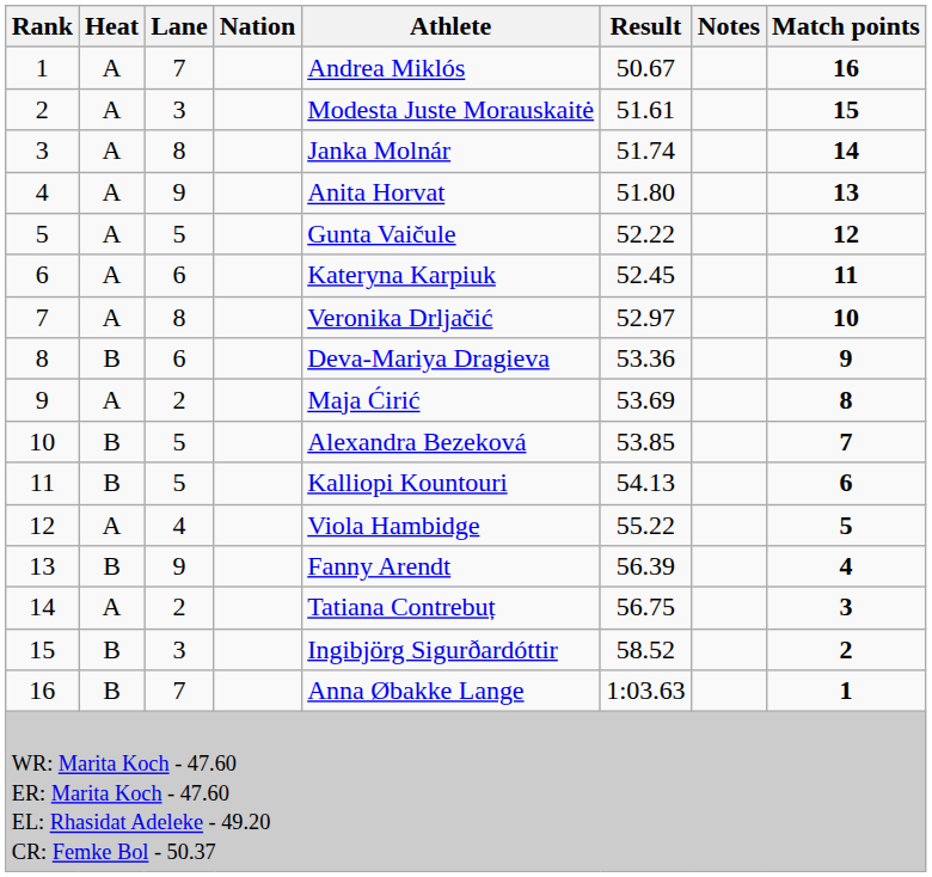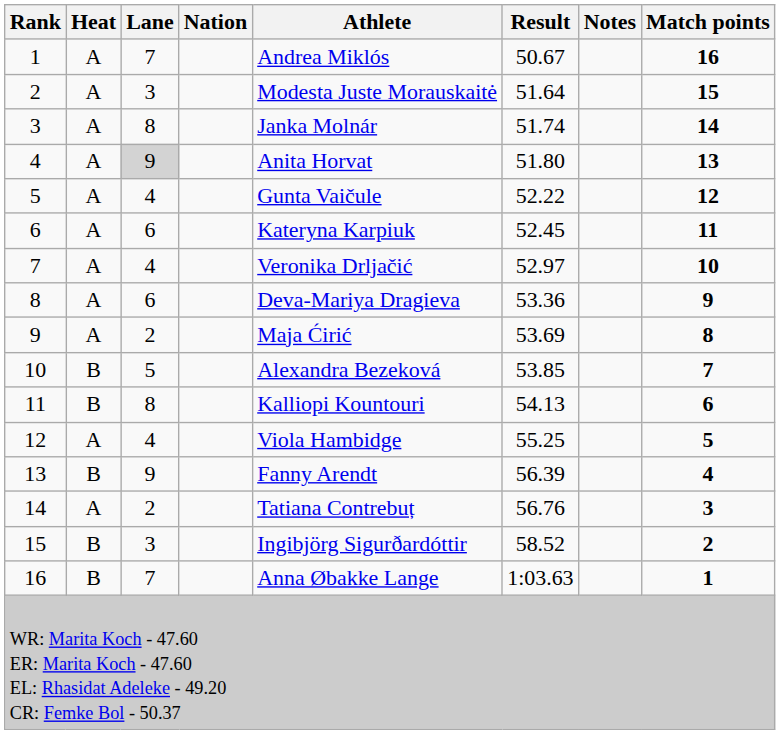 <table class="wikitable sortable" style="text-align:left;">
 <tr>
 <th>Rank</th>
 <th>Heat</th>
 <th>Lane</th>
 <th>Nation</th>
 <th>Athlete</th>
 <th>Result</th>
 <th>Notes</th>
 <th>Match points</th>
 </tr>
 <tr>
 <td align=center>1</td>
 <td align=center>A</td>
 <td align=center>7</td>
 <td></td>
 <td><a href='#'>Andrea Miklós</a></td>
 <td align=center>50.67</td>
 <td align=center></td>
 <td align=center><strong>16</strong></td>
 </tr>
 <tr>
 <td align=center>2</td>
 <td align=center>A</td>
 <td align=center>3</td>
 <td></td>
 <td><a href='#'>Modesta Juste Morauskaitė</a></td>
-<td align=center>51.61</td>
+<td align=center>51.64</td>
 <td align=center></td>
 <td align=center><strong>15</strong></td>
 </tr>
 <tr>
 <td align=center>3</td>
 <td align=center>A</td>
 <td align=center>8</td>
 <td></td>
 <td><a href='#'>Janka Molnár</a></td>
 <td align=center>51.74</td>
 <td align=center></td>
 <td align=center><strong>14</strong></td>
 </tr>
 <tr>
 <td align=center>4</td>
 <td align=center>A</td>
-<td align=center>9</td>
+<td align=center style="background: lightgrey;">9</td>
 <td></td>
 <td><a href='#'>Anita Horvat</a></td>
 <td align=center>51.80</td>
 <td align=center></td>
 <td align=center><strong>13</strong></td>
 </tr>
 <tr>
 <td align=center>5</td>
 <td align=center>A</td>
-<td align=center>5</td>
+<td align=center>4</td>
 <td></td>
 <td><a href='#'>Gunta Vaičule</a></td>
 <td align=center>52.22</td>
 <td align=center></td>
 <td align=center><strong>12</strong></td>
 </tr>
 <tr>
 <td align=center>6</td>
 <td align=center>A</td>
 <td align=center>6</td>
 <td></td>
 <td><a href='#'>Kateryna Karpiuk</a></td>
 <td align=center>52.45</td>
 <td align=center></td>
 <td align=center><strong>11</strong></td>
 </tr>
 <tr>
 <td align=center>7</td>
 <td align=center>A</td>
-<td align=center>8</td>
+<td align=center>4</td>
 <td></td>
 <td><a href='#'>Veronika Drljačić</a></td>
 <td align=center>52.97</td>
 <td align=center></td>
 <td align=center><strong>10</strong></td>
 </tr>
 <tr>
 <td align=center>8</td>
-<td align=center>B</td>
+<td align=center>A</td>
 <td align=center>6</td>
 <td></td>
 <td><a href='#'>Deva-Mariya Dragieva</a></td>
 <td align=center>53.36</td>
 <td align=center></td>
 <td align=center><strong>9</strong></td>
 </tr>
 <tr>
 <td align=center>9</td>
 <td align=center>A</td>
 <td align=center>2</td>
 <td></td>
 <td><a href='#'>Maja Ćirić</a></td>
 <td align=center>53.69</td>
 <td align=center></td>
 <td align=center><strong>8</strong></td>
 </tr>
 <tr>
 <td align=center>10</td>
 <td align=center>B</td>
 <td align=center>5</td>
 <td></td>
 <td><a href='#'>Alexandra Bezeková</a></td>
 <td align=center>53.85</td>
 <td align=center></td>
 <td align=center><strong>7</strong></td>
 </tr>
 <tr>
 <td align=center>11</td>
 <td align=center>B</td>
-<td align=center>5</td>
+<td align=center>8</td>
 <td></td>
 <td><a href='#'>Kalliopi Kountouri</a></td>
 <td align=center>54.13</td>
 <td align=center></td>
 <td align=center><strong>6</strong></td>
 </tr>
 <tr>
 <td align=center>12</td>
 <td align=center>A</td>
 <td align=center>4</td>
 <td></td>
 <td><a href='#'>Viola Hambidge</a></td>
-<td align=center>55.22</td>
+<td align=center>55.25</td>
 <td align=center></td>
 <td align=center><strong>5</strong></td>
 </tr>
 <tr>
 <td align=center>13</td>
 <td align=center>B</td>
 <td align=center>9</td>
 <td></td>
 <td><a href='#'>Fanny Arendt</a></td>
 <td align=center>56.39</td>
 <td align=center></td>
 <td align=center><strong>4</strong></td>
 </tr>
 <tr>
 <td align=center>14</td>
 <td align=center>A</td>
 <td align=center>2</td>
 <td></td>
 <td><a href='#'>Tatiana Contrebuț</a></td>
-<td align=center>56.75</td>
+<td align=center>56.76</td>
 <td align=center></td>
 <td align=center><strong>3</strong></td>
 </tr>
 <tr>
 <td align=center>15</td>
 <td align=center>B</td>
 <td align=center>3</td>
 <td></td>
 <td><a href='#'>Ingibjörg Sigurðardóttir</a></td>
 <td align=center>58.52</td>
 <td></td>
 <td align=center><strong>2</strong></td>
 </tr>
 <tr>
 <td align=center>16</td>
 <td align=center>B</td>
 <td align=center>7</td>
 <td></td>
 <td><a href='#'>Anna Øbakke Lange</a></td>
 <td align=center>1:03.63</td>
 <td></td>
 <td align=center><strong>1</strong></td>
 </tr>
 <tr>
 <td colspan="8" bgcolor="#cccccc"><br> <small>WR:   <a href='#'>Marita Koch</a> - 47.60<br>ER:  <a href='#'>Marita Koch</a> - 47.60<br></small> <small>EL:   <a href='#'>Rhasidat Adeleke</a> - 49.20<br>CR:  <a href='#'>Femke Bol</a> - 50.37</small></td>
 </tr>
 </table>
